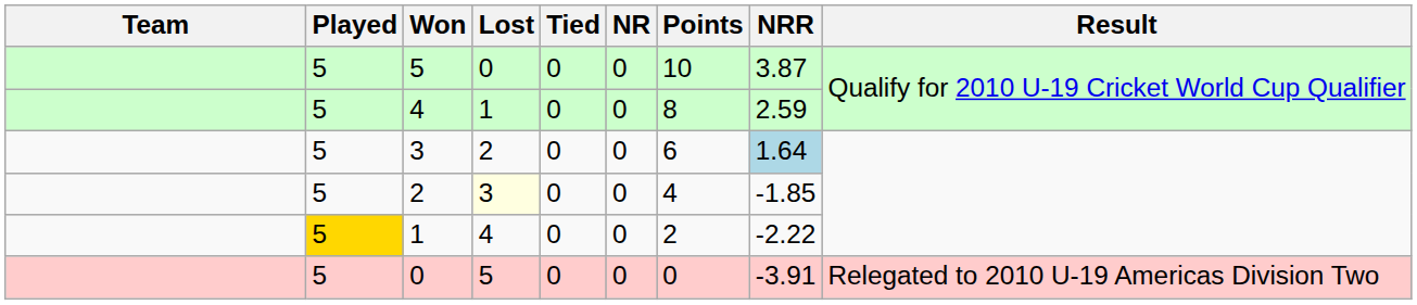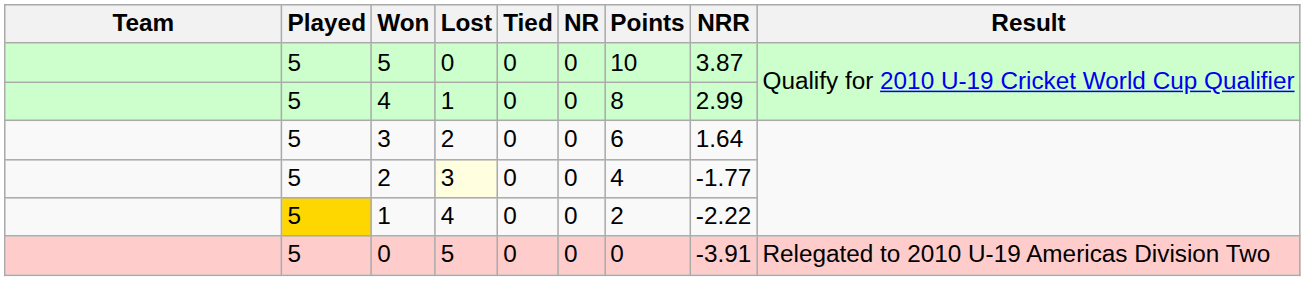 <table class="wikitable">
 <tr>
 <th width=175>Team</th>
 <th>Played</th>
 <th>Won</th>
 <th>Lost</th>
 <th>Tied</th>
 <th>NR</th>
 <th>Points</th>
 <th>NRR</th>
 <th>Result</th>
 </tr>
 <tr style="background:#ccffcc">
 <td></td>
 <td>5</td>
 <td>5</td>
 <td>0</td>
 <td>0</td>
 <td>0</td>
 <td>10</td>
 <td>3.87</td>
 <td rowspan=2>Qualify for <a href='#'>2010 U-19 Cricket World Cup Qualifier</a></td>
 </tr>
 <tr style="background:#ccffcc">
 <td></td>
 <td>5</td>
 <td>4</td>
 <td>1</td>
 <td>0</td>
 <td>0</td>
 <td>8</td>
-<td>2.59</td>
+<td>2.99</td>
 </tr>
 <tr>
 <td></td>
 <td>5</td>
 <td>3</td>
 <td>2</td>
 <td>0</td>
 <td>0</td>
 <td>6</td>
-<td style="background: lightblue;">1.64</td>
+<td>1.64</td>
 <td rowspan=3></td>
 </tr>
 <tr>
 <td></td>
 <td>5</td>
 <td>2</td>
 <td style="background: lightyellow;">3</td>
 <td>0</td>
 <td>0</td>
 <td>4</td>
-<td>-1.85</td>
+<td>-1.77</td>
 </tr>
 <tr>
 <td></td>
 <td style="background: gold;">5</td>
 <td>1</td>
 <td>4</td>
 <td>0</td>
 <td>0</td>
 <td>2</td>
 <td>-2.22</td>
 </tr>
 <tr style="background:#ffcccc">
 <td></td>
 <td>5</td>
 <td>0</td>
 <td>5</td>
 <td>0</td>
 <td>0</td>
 <td>0</td>
 <td>-3.91</td>
 <td>Relegated to 2010 U-19 Americas Division Two</td>
 </tr>
 </table>
